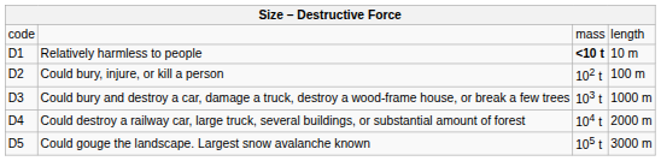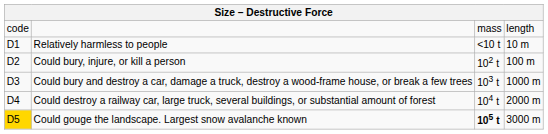 <table class="wikitable">
 <tr>
 <th colspan="4">Size – Destructive Force</th>
 </tr>
 <tr>
 <td>code</td>
 <td></td>
 <td>mass</td>
 <td>length</td>
 </tr>
 <tr>
 <td>D1</td>
 <td>Relatively harmless to people</td>
-<td><strong><10 t</strong></td>
+<td><10 t</td>
 <td>10 m</td>
 </tr>
 <tr>
 <td>D2</td>
 <td>Could bury, injure, or kill a person</td>
 <td>10<sup>2</sup> t</td>
 <td>100 m</td>
 </tr>
 <tr>
 <td>D3</td>
 <td>Could bury and destroy a car, damage a truck, destroy a wood-frame house, or break a few trees</td>
 <td>10<sup>3</sup> t</td>
 <td>1000 m</td>
 </tr>
 <tr>
 <td>D4</td>
 <td>Could destroy a railway car, large truck, several buildings, or substantial amount of forest</td>
 <td>10<sup>4</sup> t</td>
 <td>2000 m</td>
 </tr>
 <tr>
-<td>D5</td>
+<td style="background: gold;">D5</td>
 <td>Could gouge the landscape. Largest snow avalanche known</td>
-<td>10<sup>5</sup> t</td>
+<td><strong>10<sup>5</sup> t</strong></td>
 <td>3000 m</td>
 </tr>
 </table>
